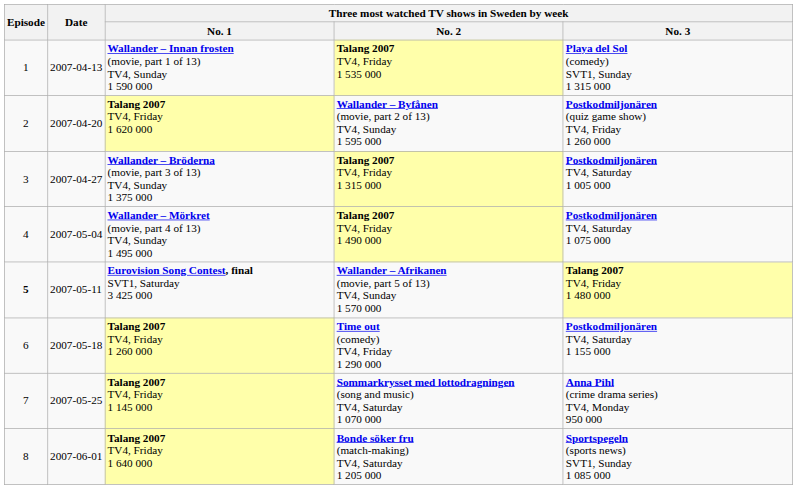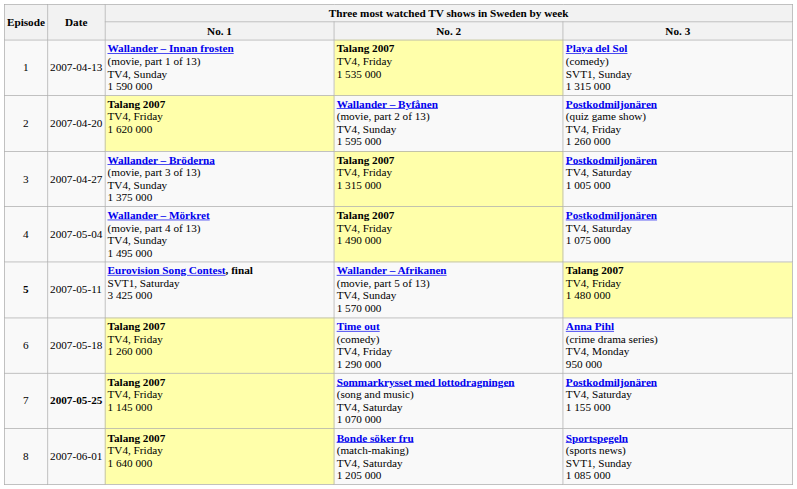 <table class="wikitable">
 <tr>
 <th rowspan="2">Episode</th>
 <th rowspan="2">Date</th>
 <th colspan="3">Three most watched TV shows in Sweden by week</th>
 </tr>
 <tr>
 <th style="width: 20em">No. 1</th>
 <th style="width: 20em">No. 2</th>
 <th style="width: 20em">No. 3</th>
 </tr>
 <tr>
 <td style="text-align:center;">1</td>
 <td>2007-04-13</td>
 <td style="vertical-align: top"><strong><a href='#'>Wallander – Innan frosten</a></strong><br>(movie, part 1 of 13)<br>TV4, Sunday<br>1 590 000</td>
 <td style="background:#ffa; vertical-align:top;"><strong>Talang 2007</strong><br>TV4, Friday<br>1 535 000</td>
 <td style="vertical-align: top"><strong><a href='#'>Playa del Sol</a></strong><br>(comedy)<br>SVT1, Sunday<br>1 315 000</td>
 </tr>
 <tr>
 <td style="text-align:center;">2</td>
 <td>2007-04-20</td>
 <td style="background:#ffa; vertical-align:top;"><strong>Talang 2007</strong><br>TV4, Friday<br>1 620 000</td>
 <td style="vertical-align: top"><strong><a href='#'>Wallander – Byfånen</a></strong><br>(movie, part 2 of 13)<br>TV4, Sunday<br>1 595 000</td>
 <td style="vertical-align: top"><strong><a href='#'>Postkodmiljonären</a></strong><br>(quiz game show)<br>TV4, Friday<br>1 260 000</td>
 </tr>
 <tr>
 <td style="text-align:center;">3</td>
 <td>2007-04-27</td>
 <td style="vertical-align: top"><strong><a href='#'>Wallander – Bröderna</a></strong><br>(movie, part 3 of 13)<br>TV4, Sunday<br>1 375 000</td>
 <td style="background:#ffa; vertical-align:top;"><strong>Talang 2007</strong><br>TV4, Friday<br>1 315 000</td>
 <td style="vertical-align: top"><strong><a href='#'>Postkodmiljonären</a></strong><br>TV4, Saturday<br>1 005 000</td>
 </tr>
 <tr>
 <td style="text-align:center;">4</td>
 <td>2007-05-04</td>
 <td style="vertical-align: top"><strong><a href='#'>Wallander – Mörkret</a></strong><br>(movie, part 4 of 13)<br>TV4, Sunday<br>1 495 000</td>
 <td style="background:#ffa; vertical-align:top;"><strong>Talang 2007</strong><br>TV4, Friday<br>1 490 000</td>
 <td style="vertical-align: top"><strong><a href='#'>Postkodmiljonären</a></strong><br>TV4, Saturday<br>1 075 000</td>
 </tr>
 <tr>
 <td style="text-align:center;"><strong>5</strong></td>
 <td>2007-05-11</td>
 <td style="vertical-align: top"><strong><a href='#'>Eurovision Song Contest</a>, final</strong><br>SVT1, Saturday<br>3 425 000</td>
 <td style="vertical-align: top"><strong><a href='#'>Wallander – Afrikanen</a></strong><br>(movie, part 5 of 13)<br>TV4, Sunday<br>1 570 000</td>
 <td style="background:#ffa; vertical-align:top;"><strong>Talang 2007</strong><br>TV4, Friday<br>1 480 000</td>
 </tr>
 <tr>
 <td style="text-align:center;">6</td>
 <td>2007-05-18</td>
 <td style="background:#ffa; vertical-align:top;"><strong>Talang 2007</strong><br>TV4, Friday<br>1 260 000</td>
 <td style="vertical-align: top"><strong><a href='#'>Time out</a></strong><br>(comedy)<br>TV4, Friday<br>1 290 000</td>
-<td style="vertical-align: top"><strong><a href='#'>Postkodmiljonären</a></strong><br>TV4, Saturday<br>1 155 000</td>
+<td style="vertical-align: top"><strong><a href='#'>Anna Pihl</a></strong><br>(crime drama series)<br>TV4, Monday<br>950 000</td>
 </tr>
 <tr>
 <td style="text-align:center;">7</td>
-<td>2007-05-25</td>
+<td><strong>2007-05-25</strong></td>
 <td style="background:#ffa; vertical-align:top;"><strong>Talang 2007</strong><br>TV4, Friday<br>1 145 000</td>
 <td style="vertical-align: top"><strong><a href='#'>Sommarkrysset med lottodragningen</a></strong><br>(song and music)<br>TV4, Saturday<br>1 070 000</td>
-<td style="vertical-align: top"><strong><a href='#'>Anna Pihl</a></strong><br>(crime drama series)<br>TV4, Monday<br>950 000</td>
+<td style="vertical-align: top"><strong><a href='#'>Postkodmiljonären</a></strong><br>TV4, Saturday<br>1 155 000</td>
 </tr>
 <tr>
 <td style="text-align:center;">8</td>
 <td>2007-06-01</td>
 <td style="background:#ffa; vertical-align:top;"><strong>Talang 2007</strong><br>TV4, Friday<br>1 640 000</td>
 <td style="vertical-align: top"><strong><a href='#'>Bonde söker fru</a></strong><br>(match-making)<br>TV4, Saturday<br>1 205 000</td>
 <td style="vertical-align: top"><strong><a href='#'>Sportspegeln</a></strong><br>(sports news)<br>SVT1, Sunday<br>1 085 000</td>
 </tr>
 </table>
